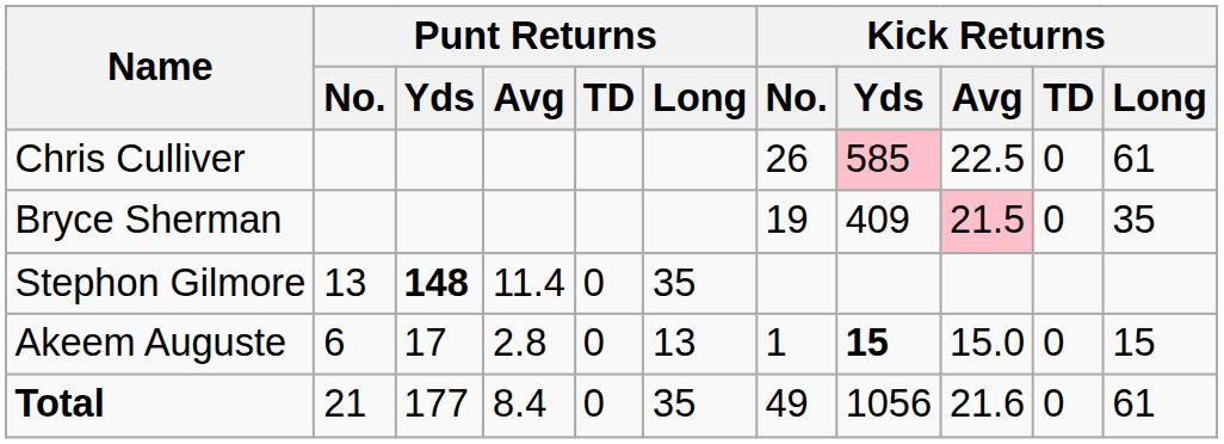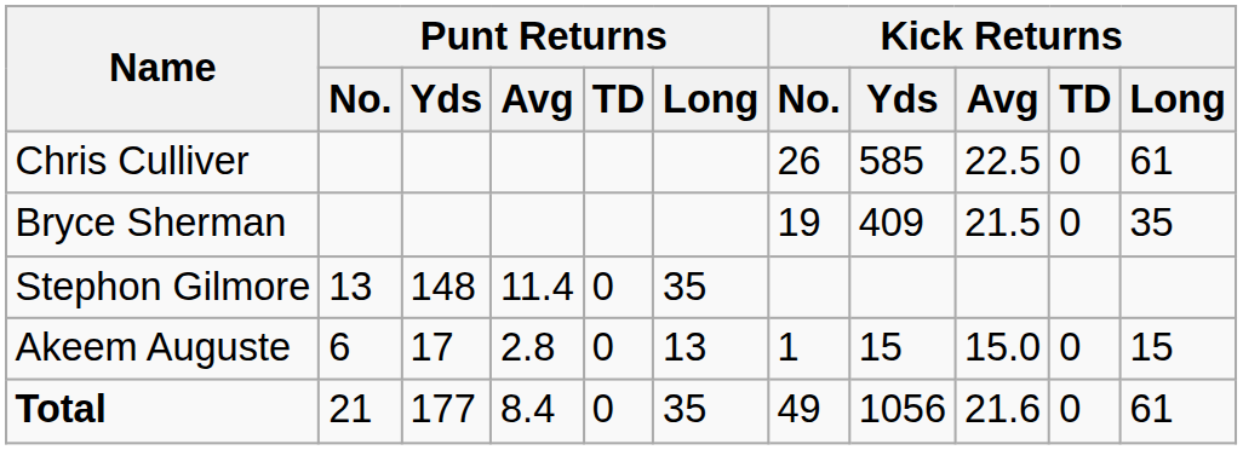 <table class="wikitable" style="white-space:nowrap;">
 <tr>
 <th rowspan="2">Name</th>
 <th colspan="5">Punt Returns</th>
 <th colspan="5">Kick Returns</th>
 </tr>
 <tr>
 <th>No.</th>
 <th>Yds</th>
 <th>Avg</th>
 <th>TD</th>
 <th>Long</th>
 <th>No.</th>
 <th>Yds</th>
 <th>Avg</th>
 <th>TD</th>
 <th>Long</th>
 </tr>
 <tr>
 <td>Chris Culliver</td>
 <td></td>
 <td></td>
 <td></td>
 <td></td>
 <td></td>
 <td>26</td>
-<td style="background: pink;">585</td>
+<td>585</td>
 <td>22.5</td>
 <td>0</td>
 <td>61</td>
 </tr>
 <tr>
 <td>Bryce Sherman</td>
 <td></td>
 <td></td>
 <td></td>
 <td></td>
 <td></td>
 <td>19</td>
 <td>409</td>
-<td style="background: pink;">21.5</td>
+<td>21.5</td>
 <td>0</td>
 <td>35</td>
 </tr>
 <tr>
 <td>Stephon Gilmore</td>
 <td>13</td>
-<td><strong>148</strong></td>
+<td>148</td>
 <td>11.4</td>
 <td>0</td>
 <td>35</td>
 <td></td>
 <td></td>
 <td></td>
 <td></td>
 <td></td>
 </tr>
 <tr>
 <td>Akeem Auguste</td>
 <td>6</td>
 <td>17</td>
 <td>2.8</td>
 <td>0</td>
 <td>13</td>
 <td>1</td>
-<td><strong>15</strong></td>
+<td>15</td>
 <td>15.0</td>
 <td>0</td>
 <td>15</td>
 </tr>
 <tr>
 <td><strong>Total</strong></td>
 <td>21</td>
 <td>177</td>
 <td>8.4</td>
 <td>0</td>
 <td>35</td>
 <td>49</td>
 <td>1056</td>
 <td>21.6</td>
 <td>0</td>
 <td>61</td>
 </tr>
 </table>
